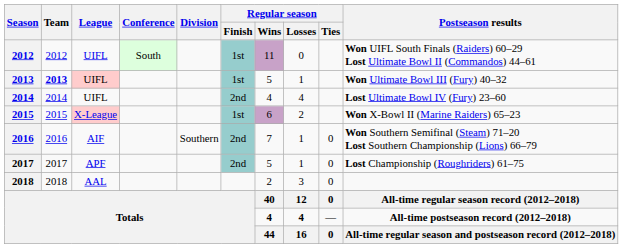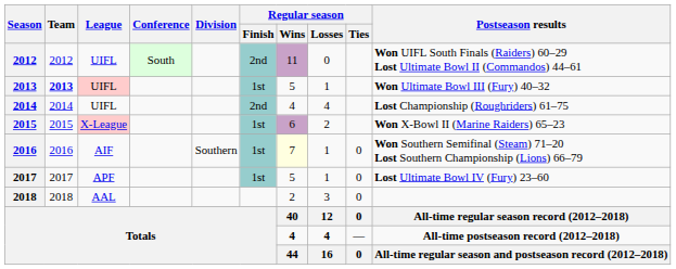 <table class="wikitable" style="text-align:center; font-size: 95%;">
 <tr>
 <th rowspan="2"><a href='#'>Season</a></th>
 <th rowspan="2">Team</th>
 <th rowspan="2"><a href='#'>League</a></th>
 <th rowspan="2"><a href='#'>Conference</a></th>
 <th rowspan="2"><a href='#'>Division</a></th>
 <th colspan="4"><a href='#'>Regular season</a></th>
 <th rowspan="2"><a href='#'>Postseason</a> results</th>
 </tr>
 <tr>
 <th>Finish</th>
 <th>Wins</th>
 <th>Losses</th>
 <th>Ties</th>
 </tr>
 <tr>
 <th><a href='#'>2012</a></th>
 <td><a href='#'>2012</a></td>
 <td><a href='#'>UIFL</a></td>
 <td bgcolor=#dfd>South</td>
 <td></td>
-<td bgcolor=#96cdcd>1st</td>
+<td bgcolor=#96cdcd>2nd</td>
 <td bgcolor=#c8a2c8>11</td>
 <td>0</td>
 <td></td>
 <td align=left><strong>Won</strong> UIFL South Finals (<a href='#'>Raiders</a>) 60–29<br><strong>Lost</strong> <a href='#'>Ultimate Bowl II</a> (<a href='#'>Commandos</a>) 44–61</td>
 </tr>
 <tr>
 <th><a href='#'>2013</a></th>
 <td><strong><a href='#'>2013</a></strong></td>
 <td bgcolor=#fcc>UIFL</td>
 <td></td>
 <td></td>
 <td bgcolor=#96cdcd>1st</td>
 <td>5</td>
 <td>1</td>
 <td></td>
 <td align=left><strong>Won</strong> <a href='#'>Ultimate Bowl III</a> (<a href='#'>Fury</a>) 40–32</td>
 </tr>
 <tr>
 <th><a href='#'>2014</a></th>
 <td><a href='#'>2014</a></td>
 <td>UIFL</td>
 <td></td>
 <td></td>
 <td bgcolor=#96cdcd>2nd</td>
 <td>4</td>
 <td>4</td>
 <td></td>
-<td align=left><strong>Lost</strong> <a href='#'>Ultimate Bowl IV</a> (<a href='#'>Fury</a>) 23–60</td>
+<td align=left><strong>Lost</strong> Championship (<a href='#'>Roughriders</a>) 61–75</td>
 </tr>
 <tr>
 <th><a href='#'>2015</a></th>
 <td><a href='#'>2015</a></td>
 <td bgcolor=#fcc><a href='#'>X-League</a></td>
 <td></td>
 <td></td>
 <td bgcolor=#96cdcd>1st</td>
 <td bgcolor=#c8a2c8>6</td>
 <td>2</td>
 <td></td>
 <td align=left><strong>Won</strong> X-Bowl II (<a href='#'>Marine Raiders</a>) 65–23</td>
 </tr>
 <tr>
 <th><a href='#'>2016</a></th>
 <td><a href='#'>2016</a></td>
 <td><a href='#'>AIF</a></td>
 <td></td>
 <td>Southern</td>
-<td bgcolor=#96cdcd>2nd</td>
-<td>7</td>
+<td bgcolor=#96cdcd>1st</td>
+<td style="background: lightyellow;">7</td>
 <td>1</td>
 <td>0</td>
 <td align=left><strong>Won</strong> Southern Semifinal (<a href='#'>Steam</a>) 71–20<br><strong>Lost</strong> Southern Championship (<a href='#'>Lions</a>) 66–79</td>
 </tr>
 <tr>
 <th>2017</th>
 <td>2017</td>
 <td><a href='#'>APF</a></td>
 <td></td>
 <td></td>
-<td bgcolor=#96cdcd>2nd</td>
+<td bgcolor=#96cdcd>1st</td>
 <td>5</td>
 <td>1</td>
 <td>0</td>
-<td align=left><strong>Lost</strong> Championship (<a href='#'>Roughriders</a>) 61–75</td>
+<td align=left><strong>Lost</strong> <a href='#'>Ultimate Bowl IV</a> (<a href='#'>Fury</a>) 23–60</td>
 </tr>
 <tr>
 <th>2018</th>
 <td>2018</td>
 <td><a href='#'>AAL</a></td>
 <td></td>
 <td></td>
 <td></td>
 <td>2</td>
 <td>3</td>
 <td>0</td>
 <td align=left></td>
 </tr>
 <tr>
 <th rowspan="5" colspan="6">Totals</th>
 <th>40</th>
 <th>12</th>
 <th>0</th>
 <th colspan="3">All-time regular season record (2012–2018)</th>
 </tr>
 <tr>
 <td><strong>4</strong></td>
 <td><strong>4</strong></td>
 <td>—</td>
 <td colspan="3"><strong>All-time postseason record (2012–2018)</strong></td>
 </tr>
 <tr>
 <th>44</th>
 <th>16</th>
 <th>0</th>
 <th colspan="3">All-time regular season and postseason record (2012–2018)</th>
 </tr>
 </table>
